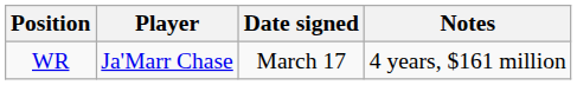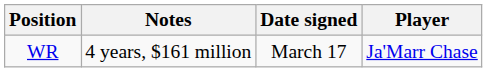 <table class="wikitable" style="text-align:center">
 <tr>
 <th>Position</th>
+<th>Notes</th>
+<th>Date signed</th>
 <th>Player</th>
-<th>Date signed</th>
-<th>Notes</th>
 </tr>
 <tr>
 <td><a href='#'>WR</a></td>
+<td>4 years, $161 million</td>
+<td>March 17</td>
 <td><a href='#'>Ja'Marr Chase</a></td>
-<td>March 17</td>
-<td>4 years, $161 million</td>
 </tr>
 </table>
